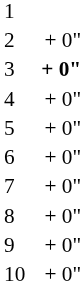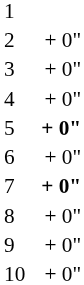 <table style="clear:both;">
 <tr>
 <td></td>
 </tr>
 <tr>
 <td>1</td>
 <td></td>
 <td></td>
 <td align="right"></td>
 </tr>
 <tr>
 <td>2</td>
 <td></td>
 <td></td>
 <td align="right">+ 0"</td>
 </tr>
 <tr>
 <td>3</td>
 <td></td>
 <td></td>
-<td align="right"><strong>+ 0"</strong></td>
+<td align="right">+ 0"</td>
 </tr>
 <tr>
 <td>4</td>
 <td> </td>
 <td></td>
 <td align="right">+ 0"</td>
 </tr>
 <tr>
 <td>5</td>
 <td></td>
 <td></td>
-<td align="right">+ 0"</td>
+<td align="right"><strong>+ 0"</strong></td>
 </tr>
 <tr>
 <td>6</td>
 <td></td>
 <td></td>
 <td align="right">+ 0"</td>
 </tr>
 <tr>
 <td>7</td>
 <td></td>
 <td></td>
-<td align="right">+ 0"</td>
+<td align="right"><strong>+ 0"</strong></td>
 </tr>
 <tr>
 <td>8</td>
 <td></td>
 <td></td>
 <td align="right">+ 0"</td>
 </tr>
 <tr>
 <td>9</td>
 <td></td>
 <td></td>
 <td align="right">+ 0"</td>
 </tr>
 <tr>
 <td>10</td>
 <td></td>
 <td></td>
 <td align="right">+ 0"</td>
 </tr>
 </table>
